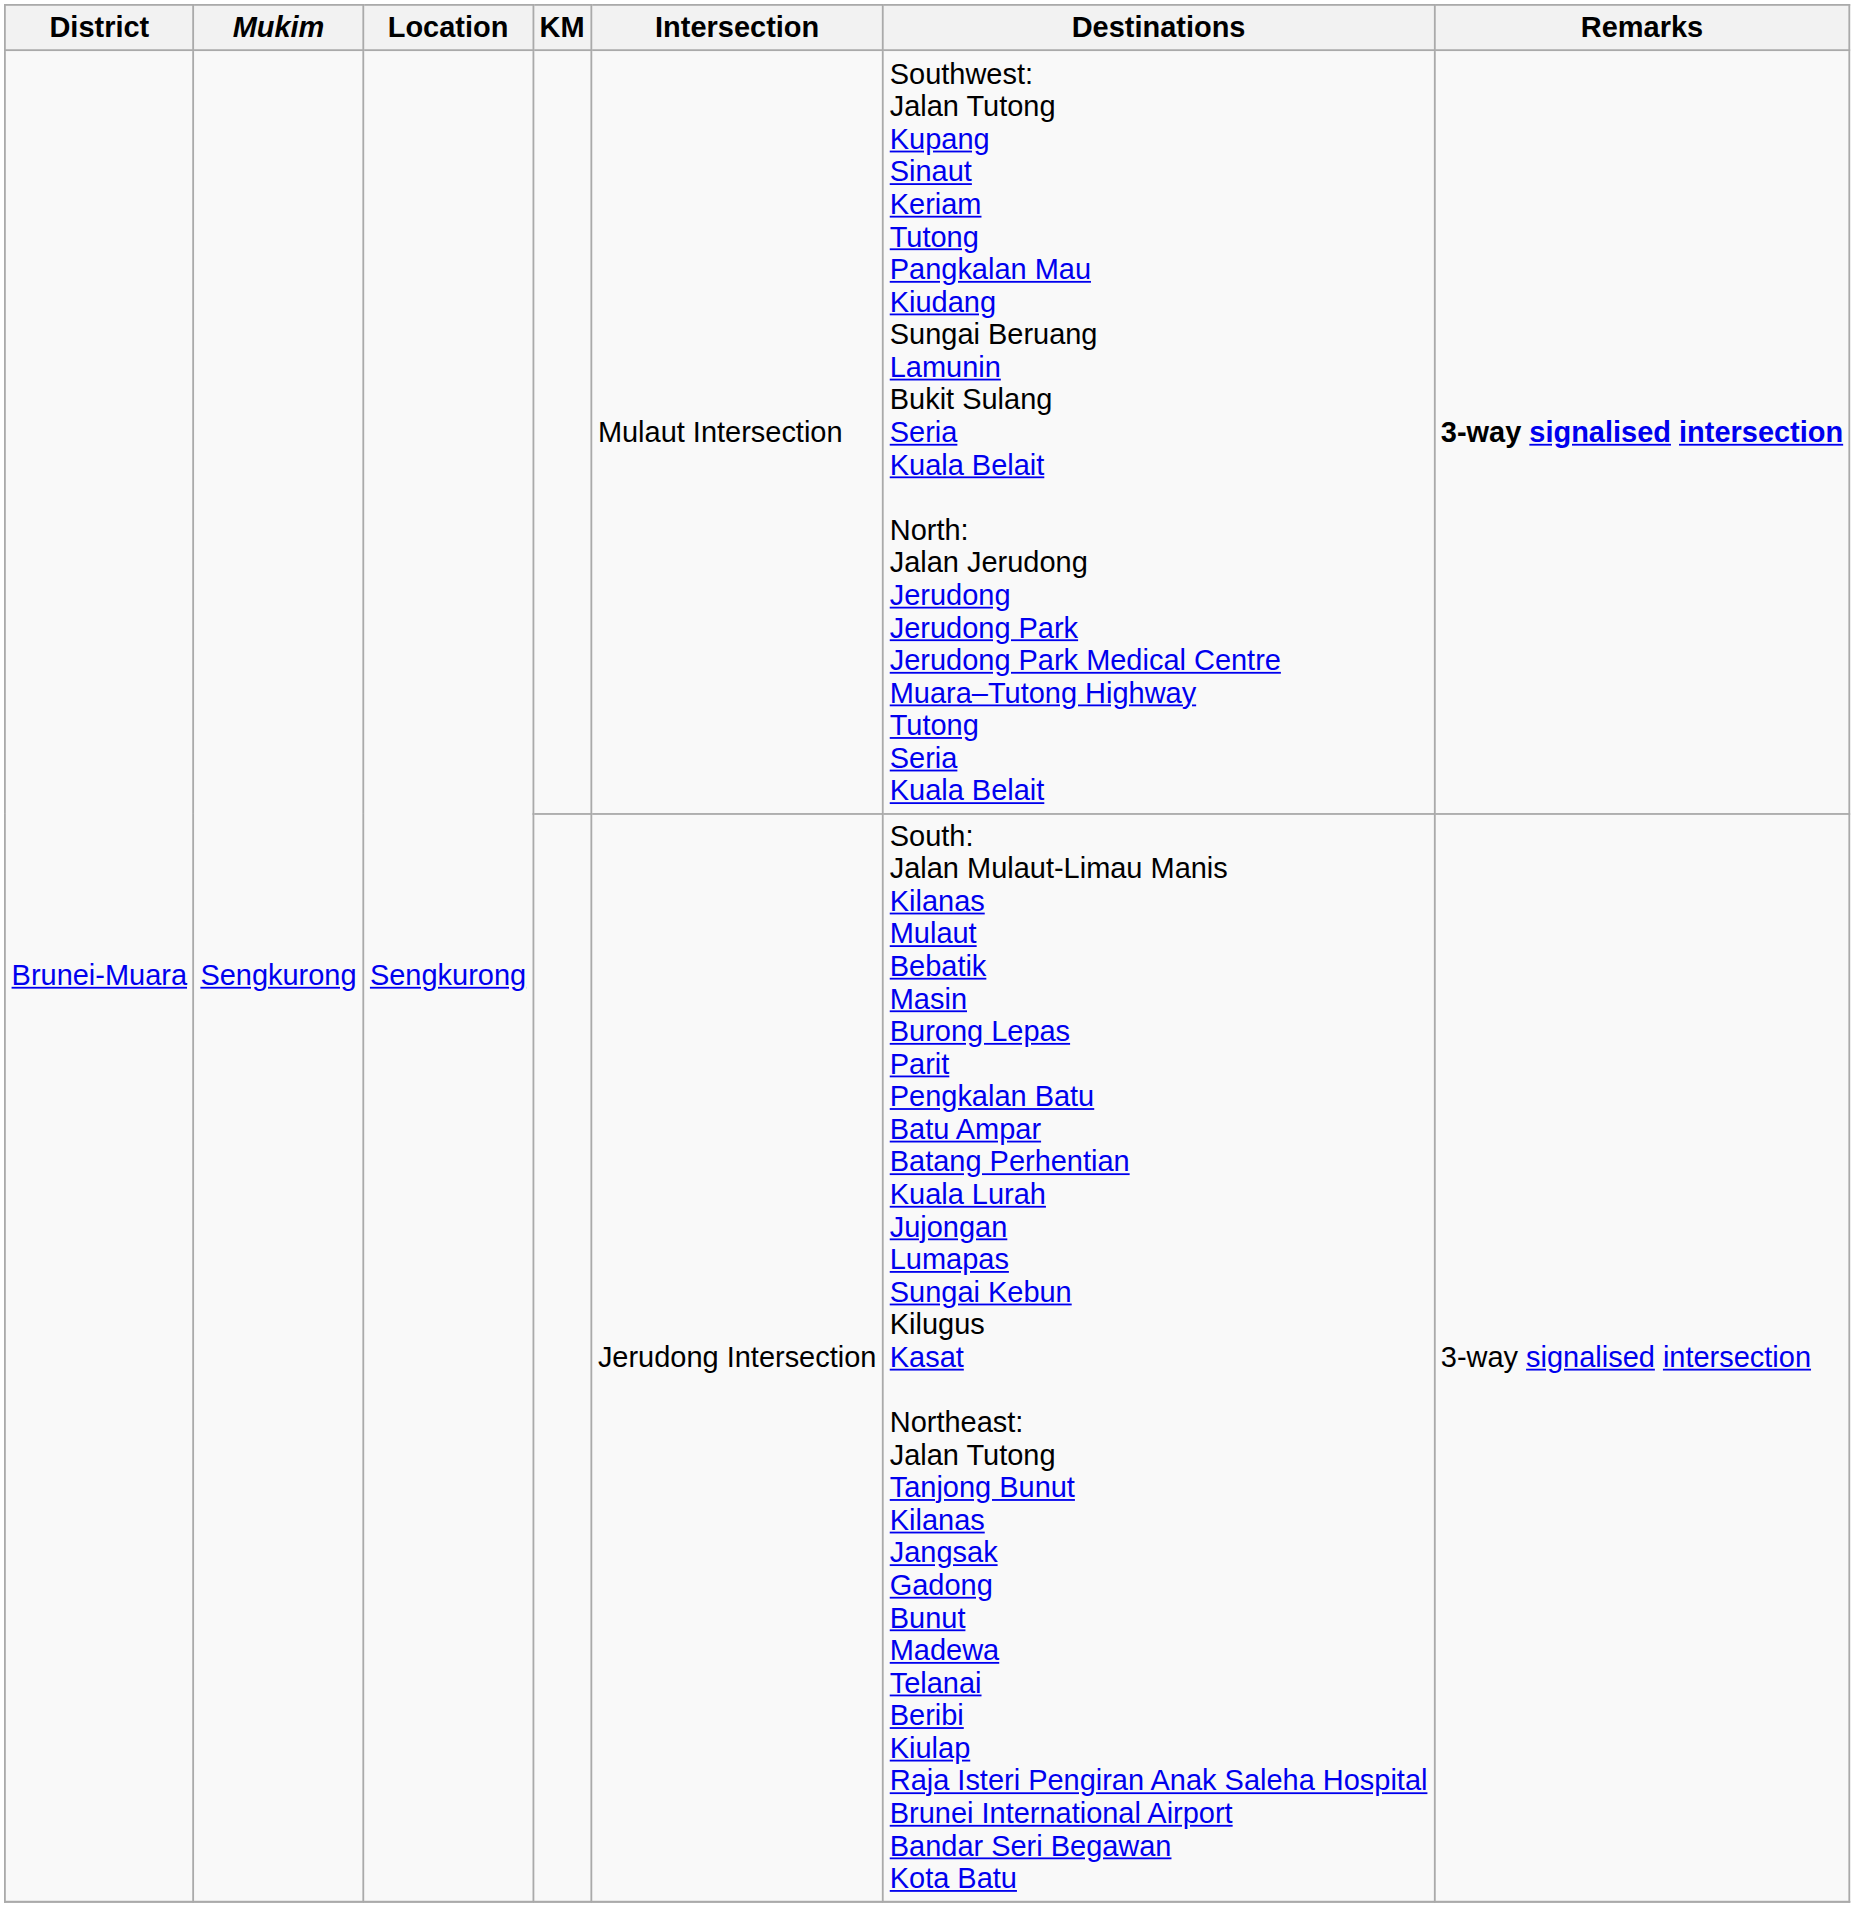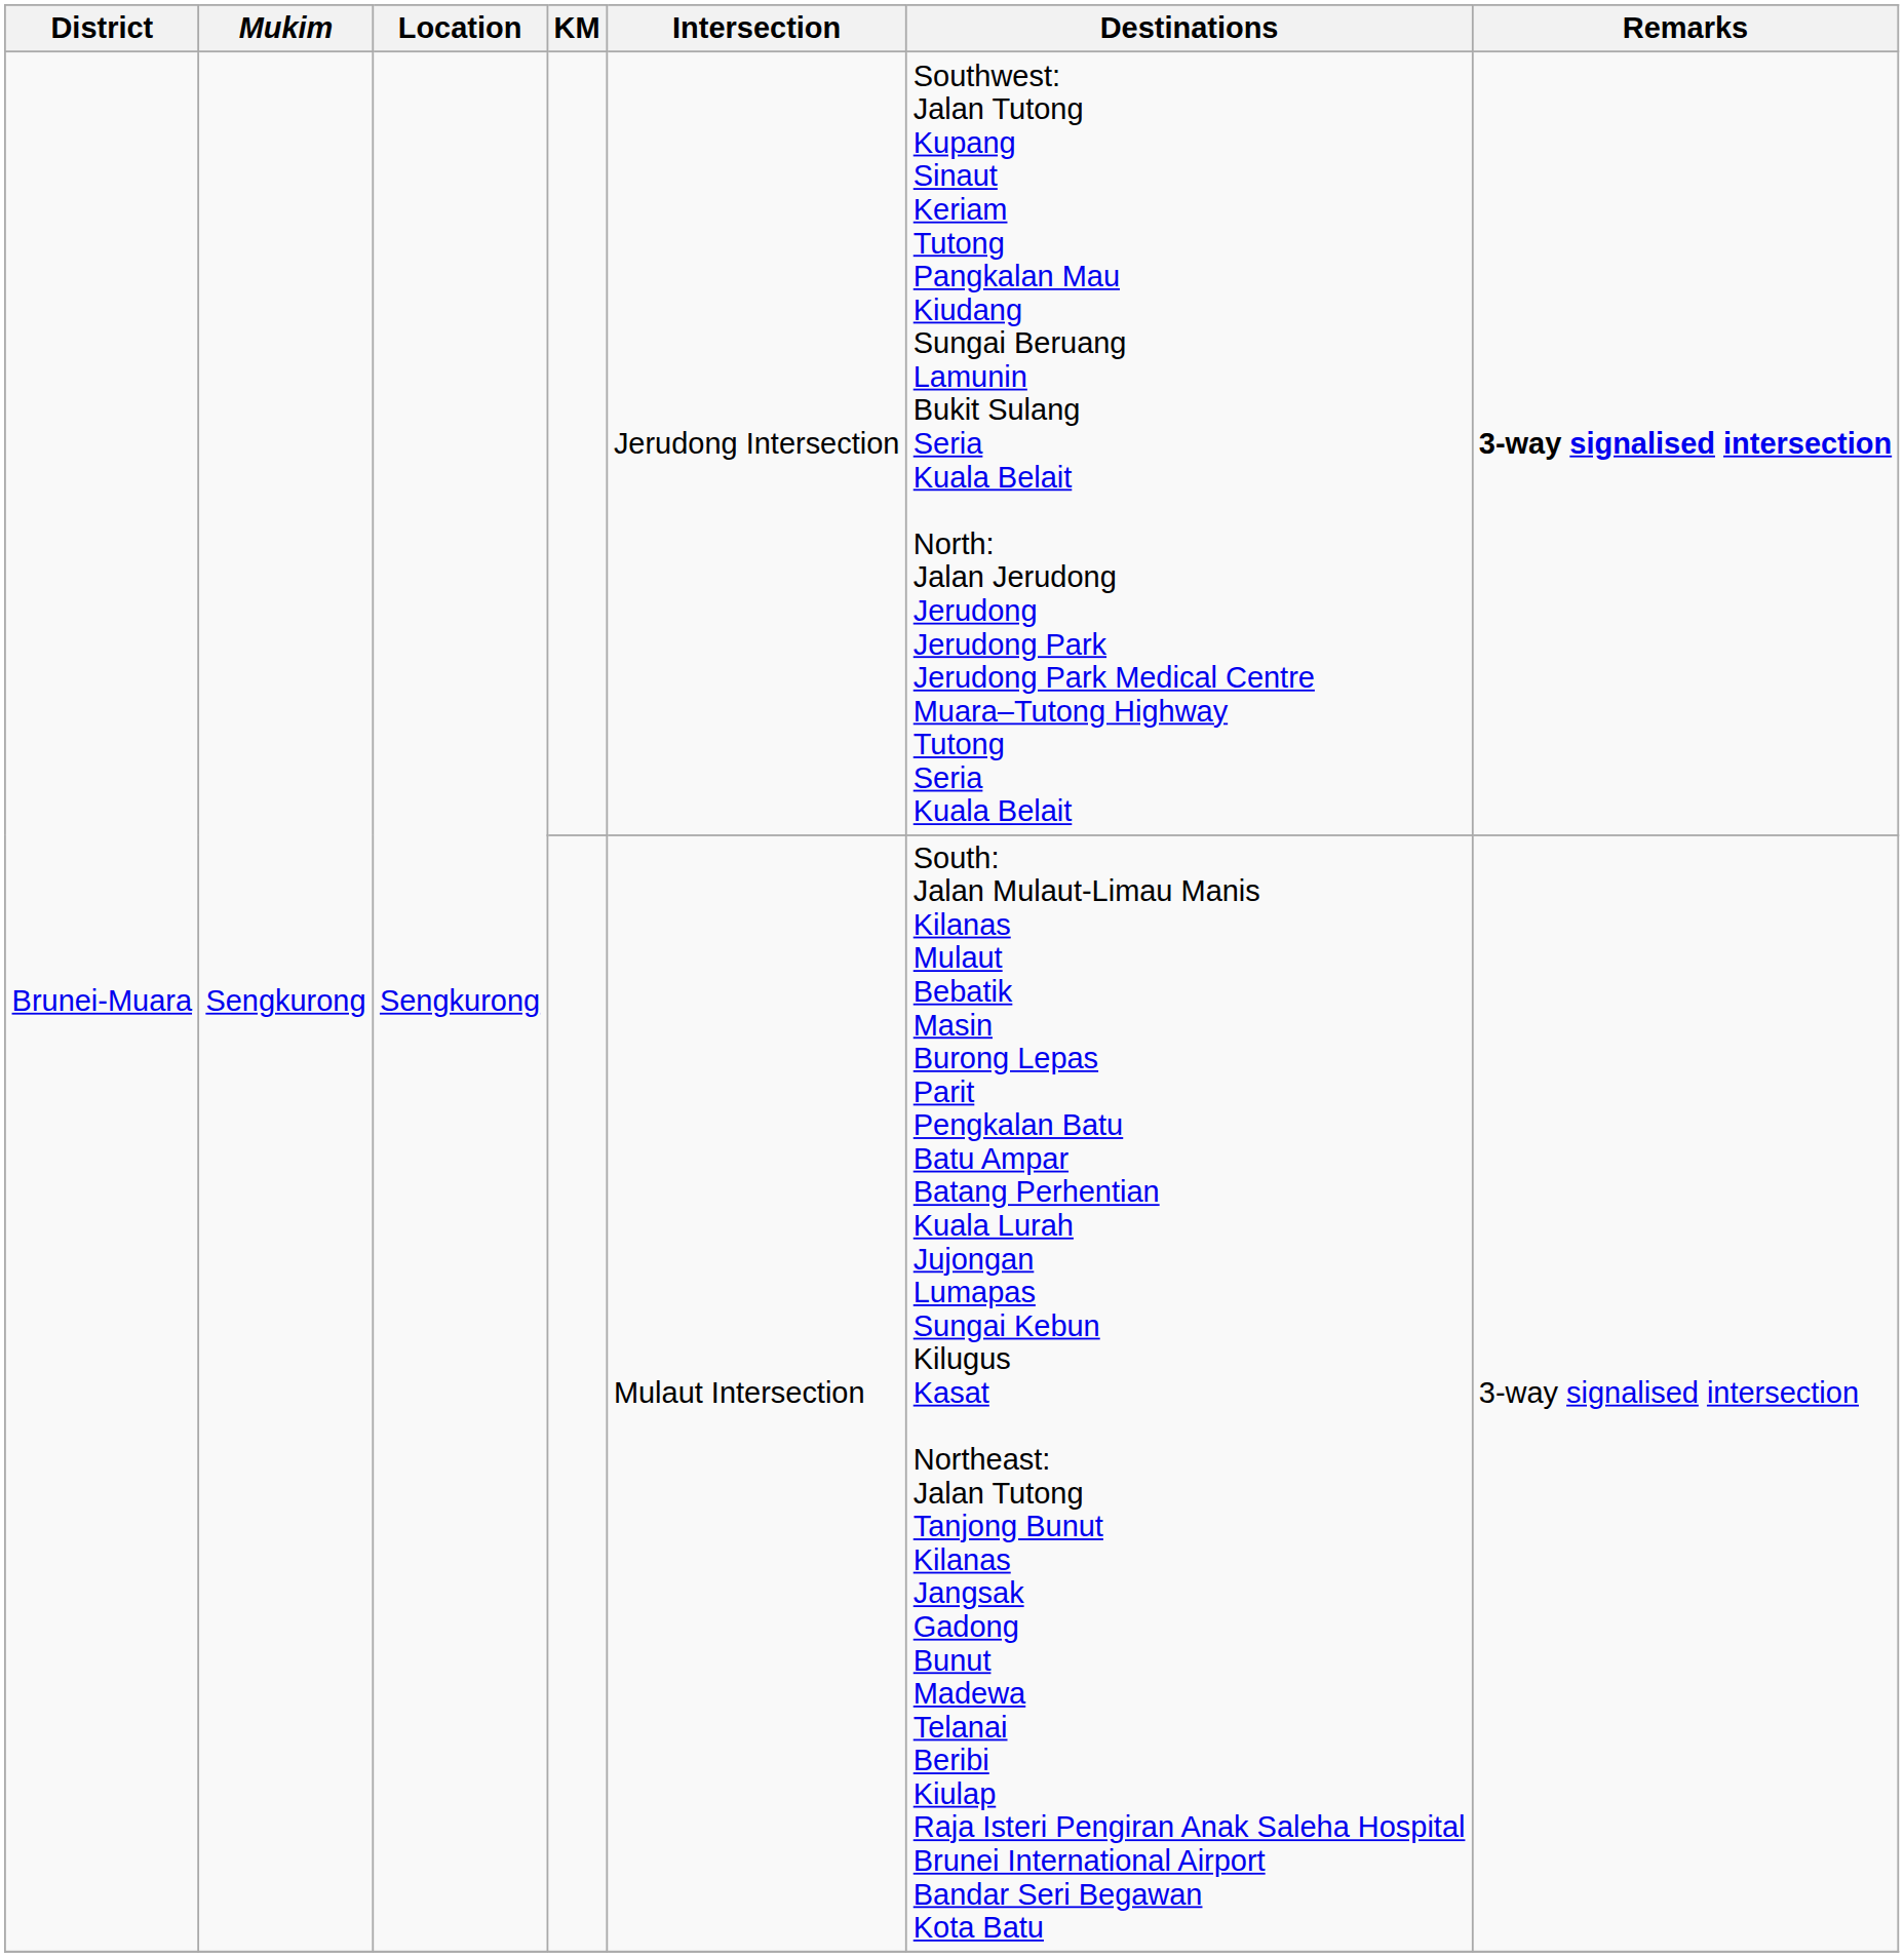 <table class="wikitable">
 <tr>
 <th>District</th>
 <th><em>Mukim</em></th>
 <th>Location</th>
 <th>KM</th>
 <th>Intersection</th>
 <th>Destinations</th>
 <th>Remarks</th>
 </tr>
 <tr>
 <td rowspan="2"><a href='#'>Brunei-Muara</a></td>
 <td rowspan="2"><a href='#'>Sengkurong</a></td>
 <td rowspan="2"><a href='#'>Sengkurong</a></td>
 <td></td>
-<td>Mulaut Intersection</td>
+<td>Jerudong Intersection</td>
 <td>Southwest:<br>Jalan Tutong<br><a href='#'>Kupang</a><br><a href='#'>Sinaut</a><br><a href='#'>Keriam</a><br><a href='#'>Tutong</a><br><a href='#'>Pangkalan Mau</a><br><a href='#'>Kiudang</a><br>Sungai Beruang<br><a href='#'>Lamunin</a><br>Bukit Sulang<br><a href='#'>Seria</a><br><a href='#'>Kuala Belait</a><br><br>North:<br> Jalan Jerudong<br><a href='#'>Jerudong</a><br><a href='#'>Jerudong Park</a><br><a href='#'>Jerudong Park Medical Centre</a><br>  <a href='#'>Muara–Tutong Highway</a><br> <a href='#'>Tutong</a><br> <a href='#'>Seria</a><br> <a href='#'>Kuala Belait</a></td>
 <td><strong>3-way <a href='#'>signalised</a> <a href='#'>intersection</a></strong></td>
 </tr>
 <tr>
 <td></td>
-<td>Jerudong Intersection</td>
+<td>Mulaut Intersection</td>
 <td>South:<br> Jalan Mulaut-Limau Manis<br><a href='#'>Kilanas</a><br><a href='#'>Mulaut</a><br><a href='#'>Bebatik</a><br><a href='#'>Masin</a><br><a href='#'>Burong Lepas</a><br><a href='#'>Parit</a><br><a href='#'>Pengkalan Batu</a><br><a href='#'>Batu Ampar</a><br><a href='#'>Batang Perhentian</a><br><a href='#'>Kuala Lurah</a><br><a href='#'>Jujongan</a><br><a href='#'>Lumapas</a><br><a href='#'>Sungai Kebun</a><br>Kilugus<br><a href='#'>Kasat</a><br><br>Northeast:<br>Jalan Tutong<br><a href='#'>Tanjong Bunut</a><br><a href='#'>Kilanas</a><br><a href='#'>Jangsak</a><br><a href='#'>Gadong</a><br><a href='#'>Bunut</a><br><a href='#'>Madewa</a><br><a href='#'>Telanai</a><br><a href='#'>Beribi</a><br><a href='#'>Kiulap</a><br><a href='#'>Raja Isteri Pengiran Anak Saleha Hospital</a> <br><a href='#'>Brunei International Airport</a> <br><a href='#'>Bandar Seri Begawan</a><br><a href='#'>Kota Batu</a></td>
 <td>3-way <a href='#'>signalised</a> <a href='#'>intersection</a></td>
 </tr>
 <tr>
 </tr>
 </table>
